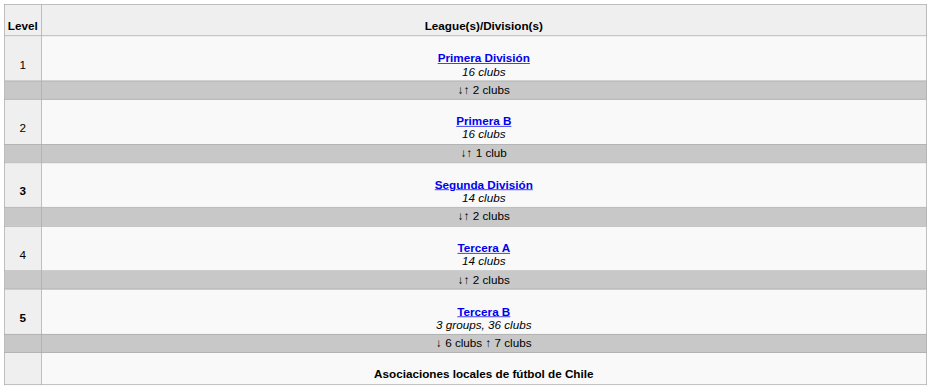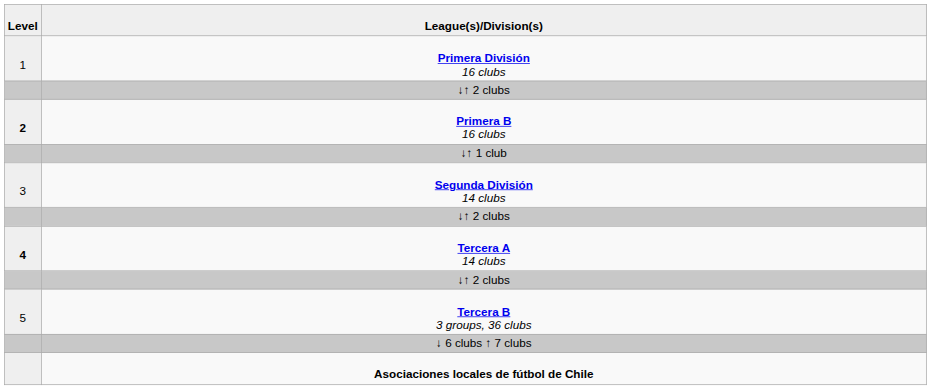 <table class="wikitable" style="text-align:center; width:100%;">
 <tr style="background:#efefef;">
 <td style="width:4%; text-align:center;"><br><strong>Level</strong></td>
 <td colspan="12"  style="width:96%; text-align:center;"><br><strong>League(s)/Division(s)</strong></td>
 </tr>
 <tr>
 <td style="text-align:center; width:4%; background:#efefef;"><br>1</td>
 <td colspan="12"  style="width:96%; text-align:center;"><br><strong><a href='#'>Primera División</a></strong><br> <em>16 clubs</em><br></td>
 </tr>
 <tr style="background:#c8c8c8">
 <td style="width:4%;"></td>
 <td colspan="9" style="width:96%;">↓↑ 2 clubs</td>
 </tr>
 <tr>
-<td style="text-align:center; width:4%; background:#efefef;"><br>2</td>
+<td style="text-align:center; width:4%; background:#efefef;"><strong><br>2</strong></td>
 <td colspan="12"  style="width:96%; text-align:center;"><br><strong><a href='#'>Primera B</a></strong><br> <em>16 clubs</em><br></td>
 </tr>
 <tr style="background:#c8c8c8">
 <td style="width:4%;"></td>
 <td colspan="9" style="width:96%;">↓↑ 1 club</td>
 </tr>
 <tr>
-<td style="text-align:center; width:4%; background:#efefef;"><strong><br>3</strong></td>
+<td style="text-align:center; width:4%; background:#efefef;"><br>3</td>
 <td colspan="12"  style="width:96%; text-align:center;"><br><strong><a href='#'>Segunda División</a></strong><br> <em>14 clubs</em><br></td>
 </tr>
 <tr style="background:#c8c8c8">
 <td style="width:4%;"></td>
 <td colspan="9" style="width:96%;">↓↑ 2 clubs</td>
 </tr>
 <tr>
-<td style="text-align:center; width:4%; background:#efefef;"><br>4</td>
+<td style="text-align:center; width:4%; background:#efefef;"><strong><br>4</strong></td>
 <td colspan="12"  style="width:96%; text-align:center;"><br><strong><a href='#'>Tercera A</a></strong><br> <em>14 clubs</em><br></td>
 </tr>
 <tr style="background:#c8c8c8">
 <td style="width:4%;"></td>
 <td colspan="9" style="width:96%;">↓↑ 2 clubs</td>
 </tr>
 <tr>
-<td style="text-align:center; width:4%; background:#efefef;"><strong><br>5</strong></td>
+<td style="text-align:center; width:4%; background:#efefef;"><br>5</td>
 <td colspan="12"  style="width:96%; text-align:center;"><br><strong><a href='#'>Tercera B</a></strong><br> <em>3 groups, 36 clubs</em><br></td>
 </tr>
 <tr style="background:#c8c8c8">
 <td style="width:4%;"></td>
 <td colspan="9" style="width:96%;">↓ 6 clubs ↑ 7 clubs</td>
 </tr>
 <tr>
 <td style="text-align:center; width:4%; background:#efefef;"></td>
 <td colspan="12"  style="width:96%; text-align:center;"><br><strong>Asociaciones locales de fútbol de Chile</strong><br></td>
 </tr>
 </table>
